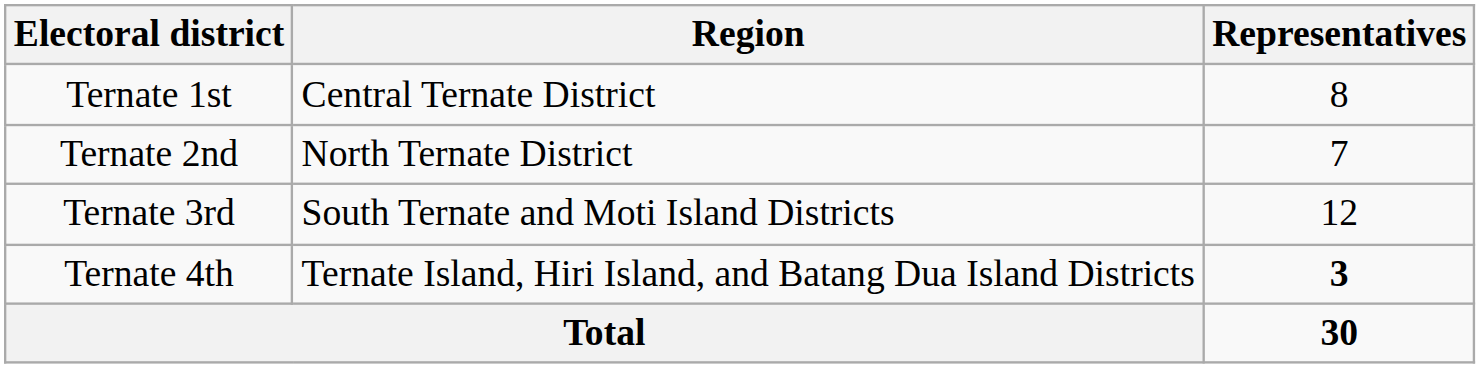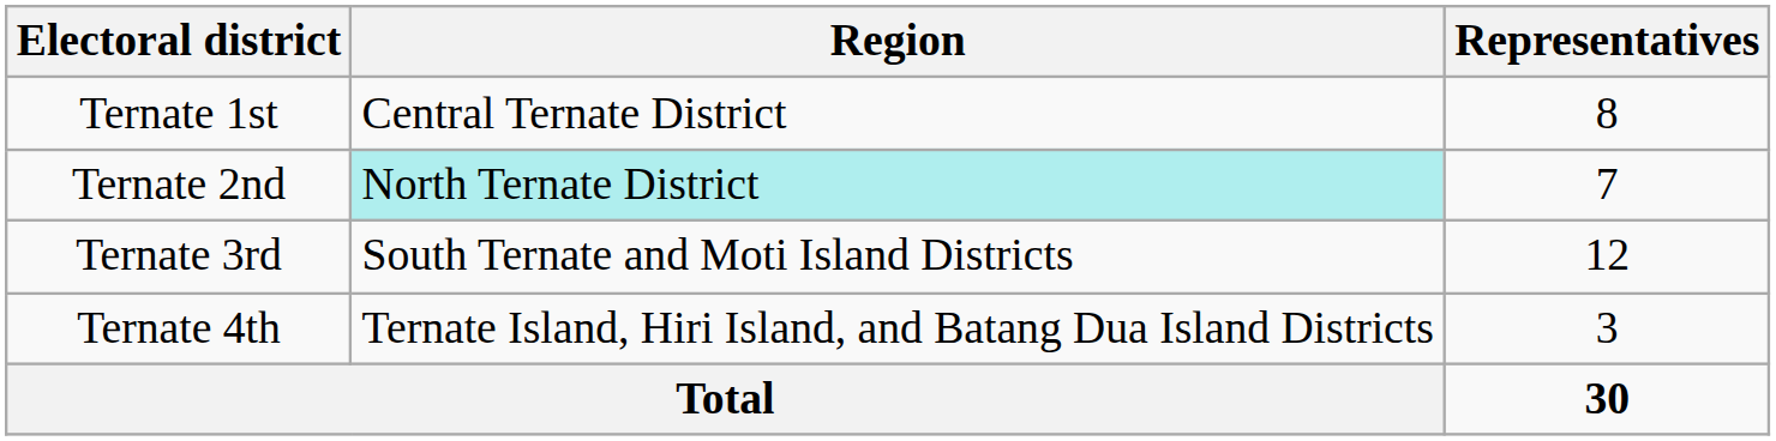 <table class="wikitable">
 <tr>
 <th>Electoral district</th>
 <th>Region</th>
 <th>Representatives</th>
 </tr>
 <tr>
 <td align="center">Ternate 1st</td>
 <td>Central Ternate District</td>
 <td align="center">8</td>
 </tr>
 <tr>
 <td align="center">Ternate 2nd</td>
-<td>North Ternate District</td>
+<td style="background: paleturquoise;">North Ternate District</td>
 <td align="center">7</td>
 </tr>
 <tr>
 <td align="center">Ternate 3rd</td>
 <td>South Ternate and Moti Island Districts</td>
 <td align="center">12</td>
 </tr>
 <tr>
 <td align="center">Ternate 4th</td>
 <td>Ternate Island, Hiri Island, and Batang Dua Island Districts</td>
-<td align="center"><strong>3</strong></td>
+<td align="center">3</td>
 </tr>
 <tr>
 <th colspan="2">Total</th>
 <td align="center"><strong>30</strong></td>
 </tr>
 </table>
